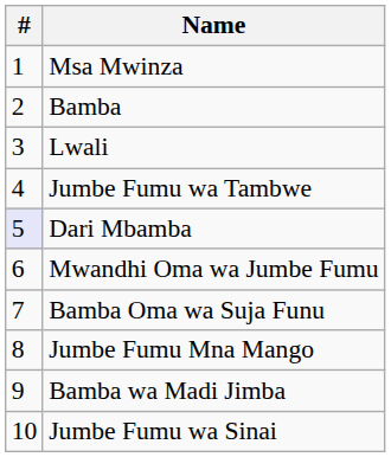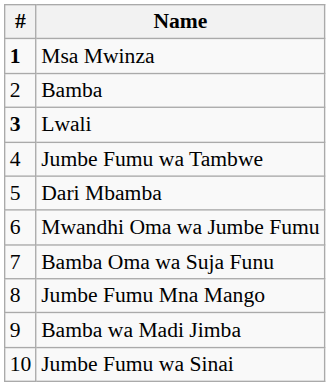 <table class="wikitable">
 <tr>
 <th>#</th>
 <th>Name</th>
 </tr>
 <tr>
-<td>1</td>
+<td><strong>1</strong></td>
 <td>Msa Mwinza</td>
 </tr>
 <tr>
 <td>2</td>
 <td>Bamba</td>
 </tr>
 <tr>
-<td>3</td>
+<td><strong>3</strong></td>
 <td>Lwali</td>
 </tr>
 <tr>
 <td>4</td>
 <td>Jumbe Fumu wa Tambwe</td>
 </tr>
 <tr>
-<td style="background: lavender;">5</td>
+<td>5</td>
 <td>Dari Mbamba</td>
 </tr>
 <tr>
 <td>6</td>
 <td>Mwandhi Oma wa Jumbe Fumu</td>
 </tr>
 <tr>
 <td>7</td>
 <td>Bamba Oma wa Suja Funu</td>
 </tr>
 <tr>
 <td>8</td>
 <td>Jumbe Fumu Mna Mango</td>
 </tr>
 <tr>
 <td>9</td>
 <td>Bamba wa Madi Jimba</td>
 </tr>
 <tr>
 <td>10</td>
 <td>Jumbe Fumu wa Sinai</td>
 </tr>
 </table>
